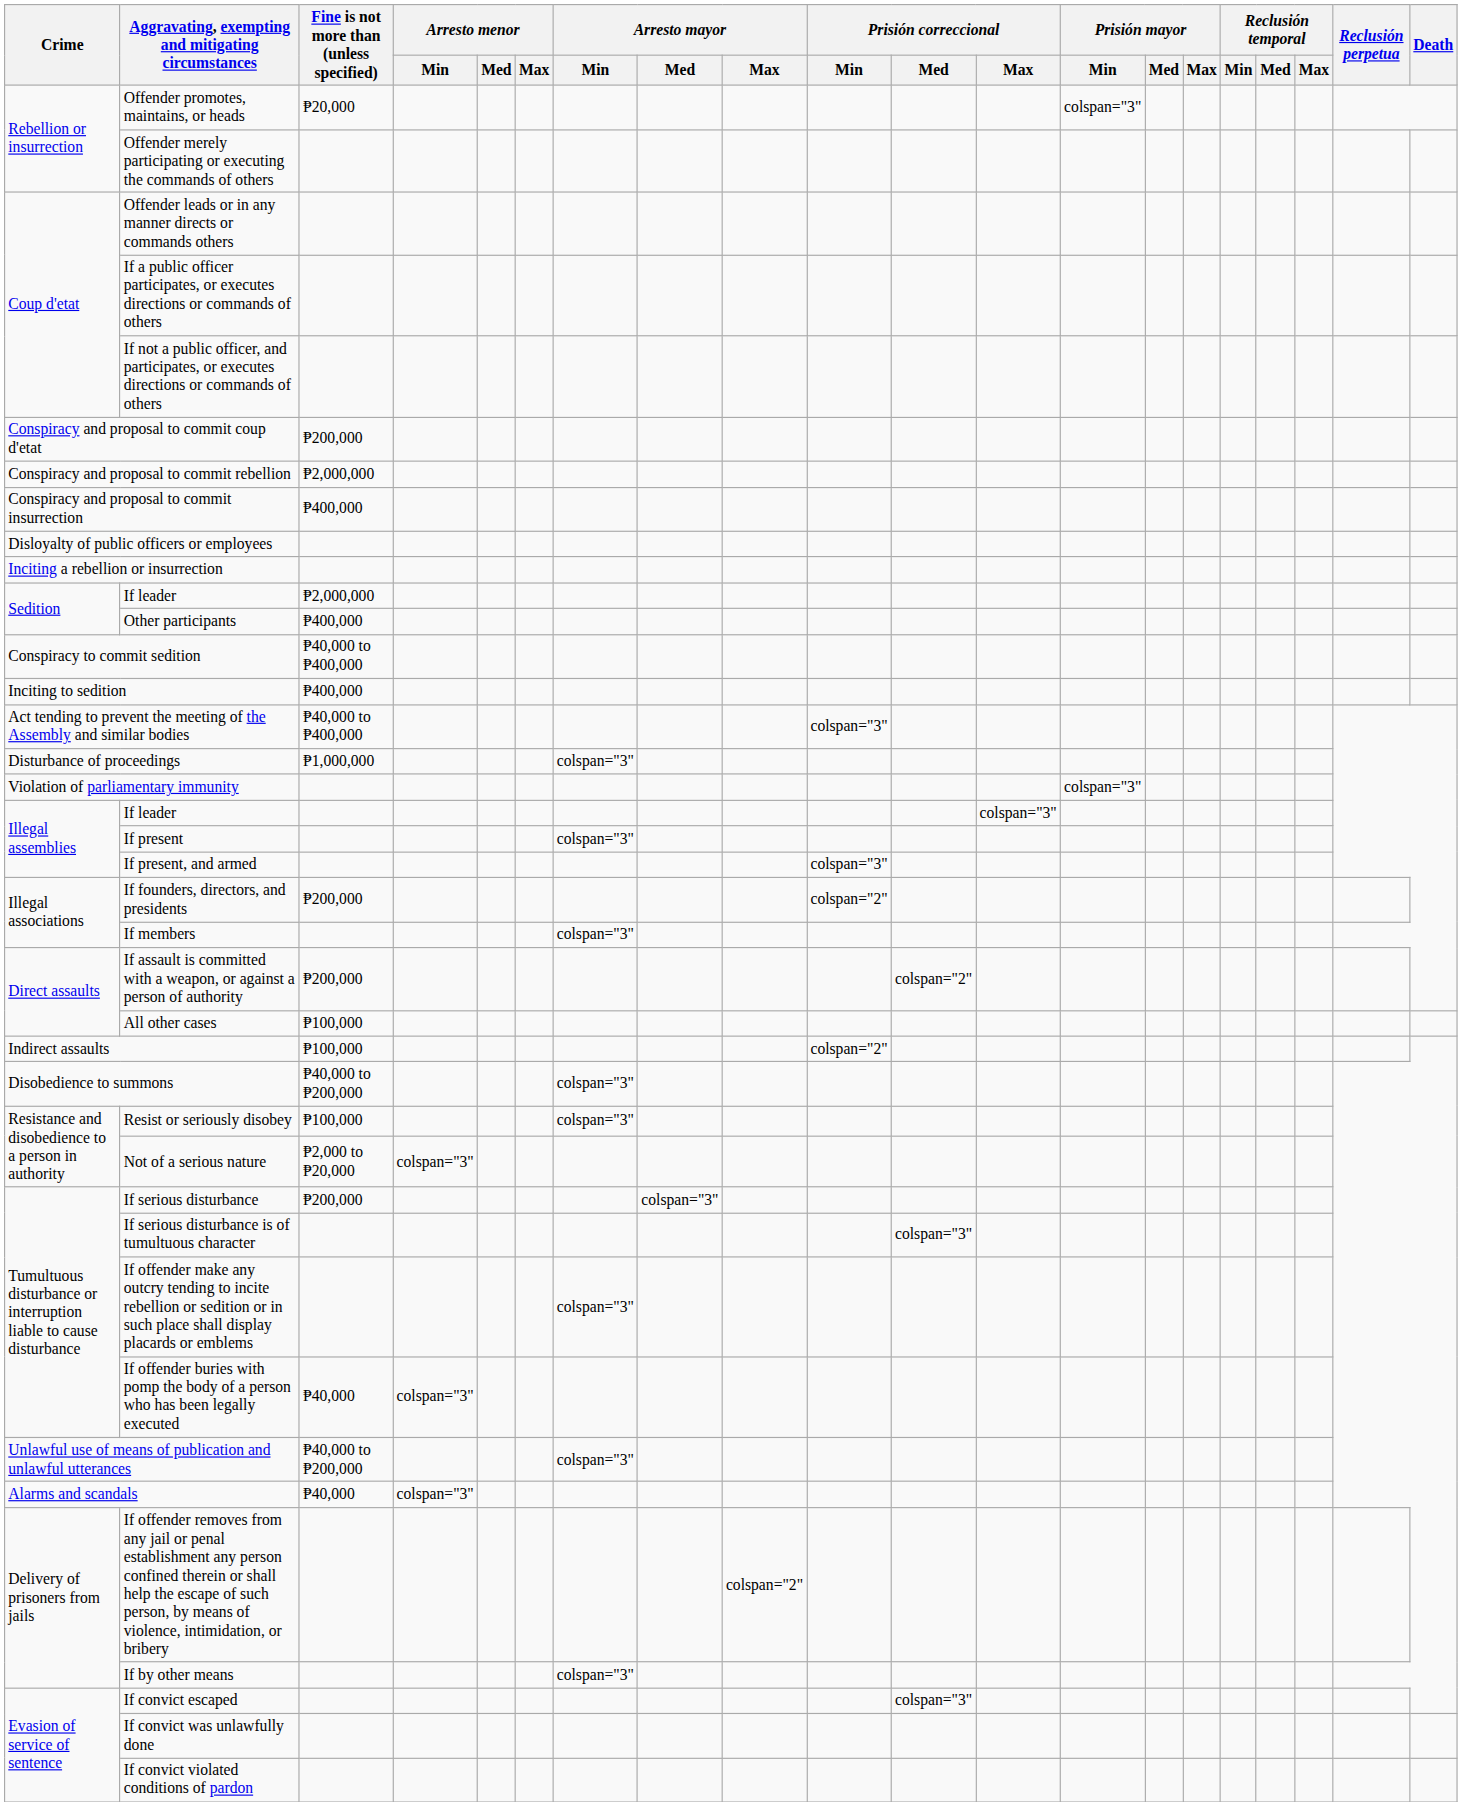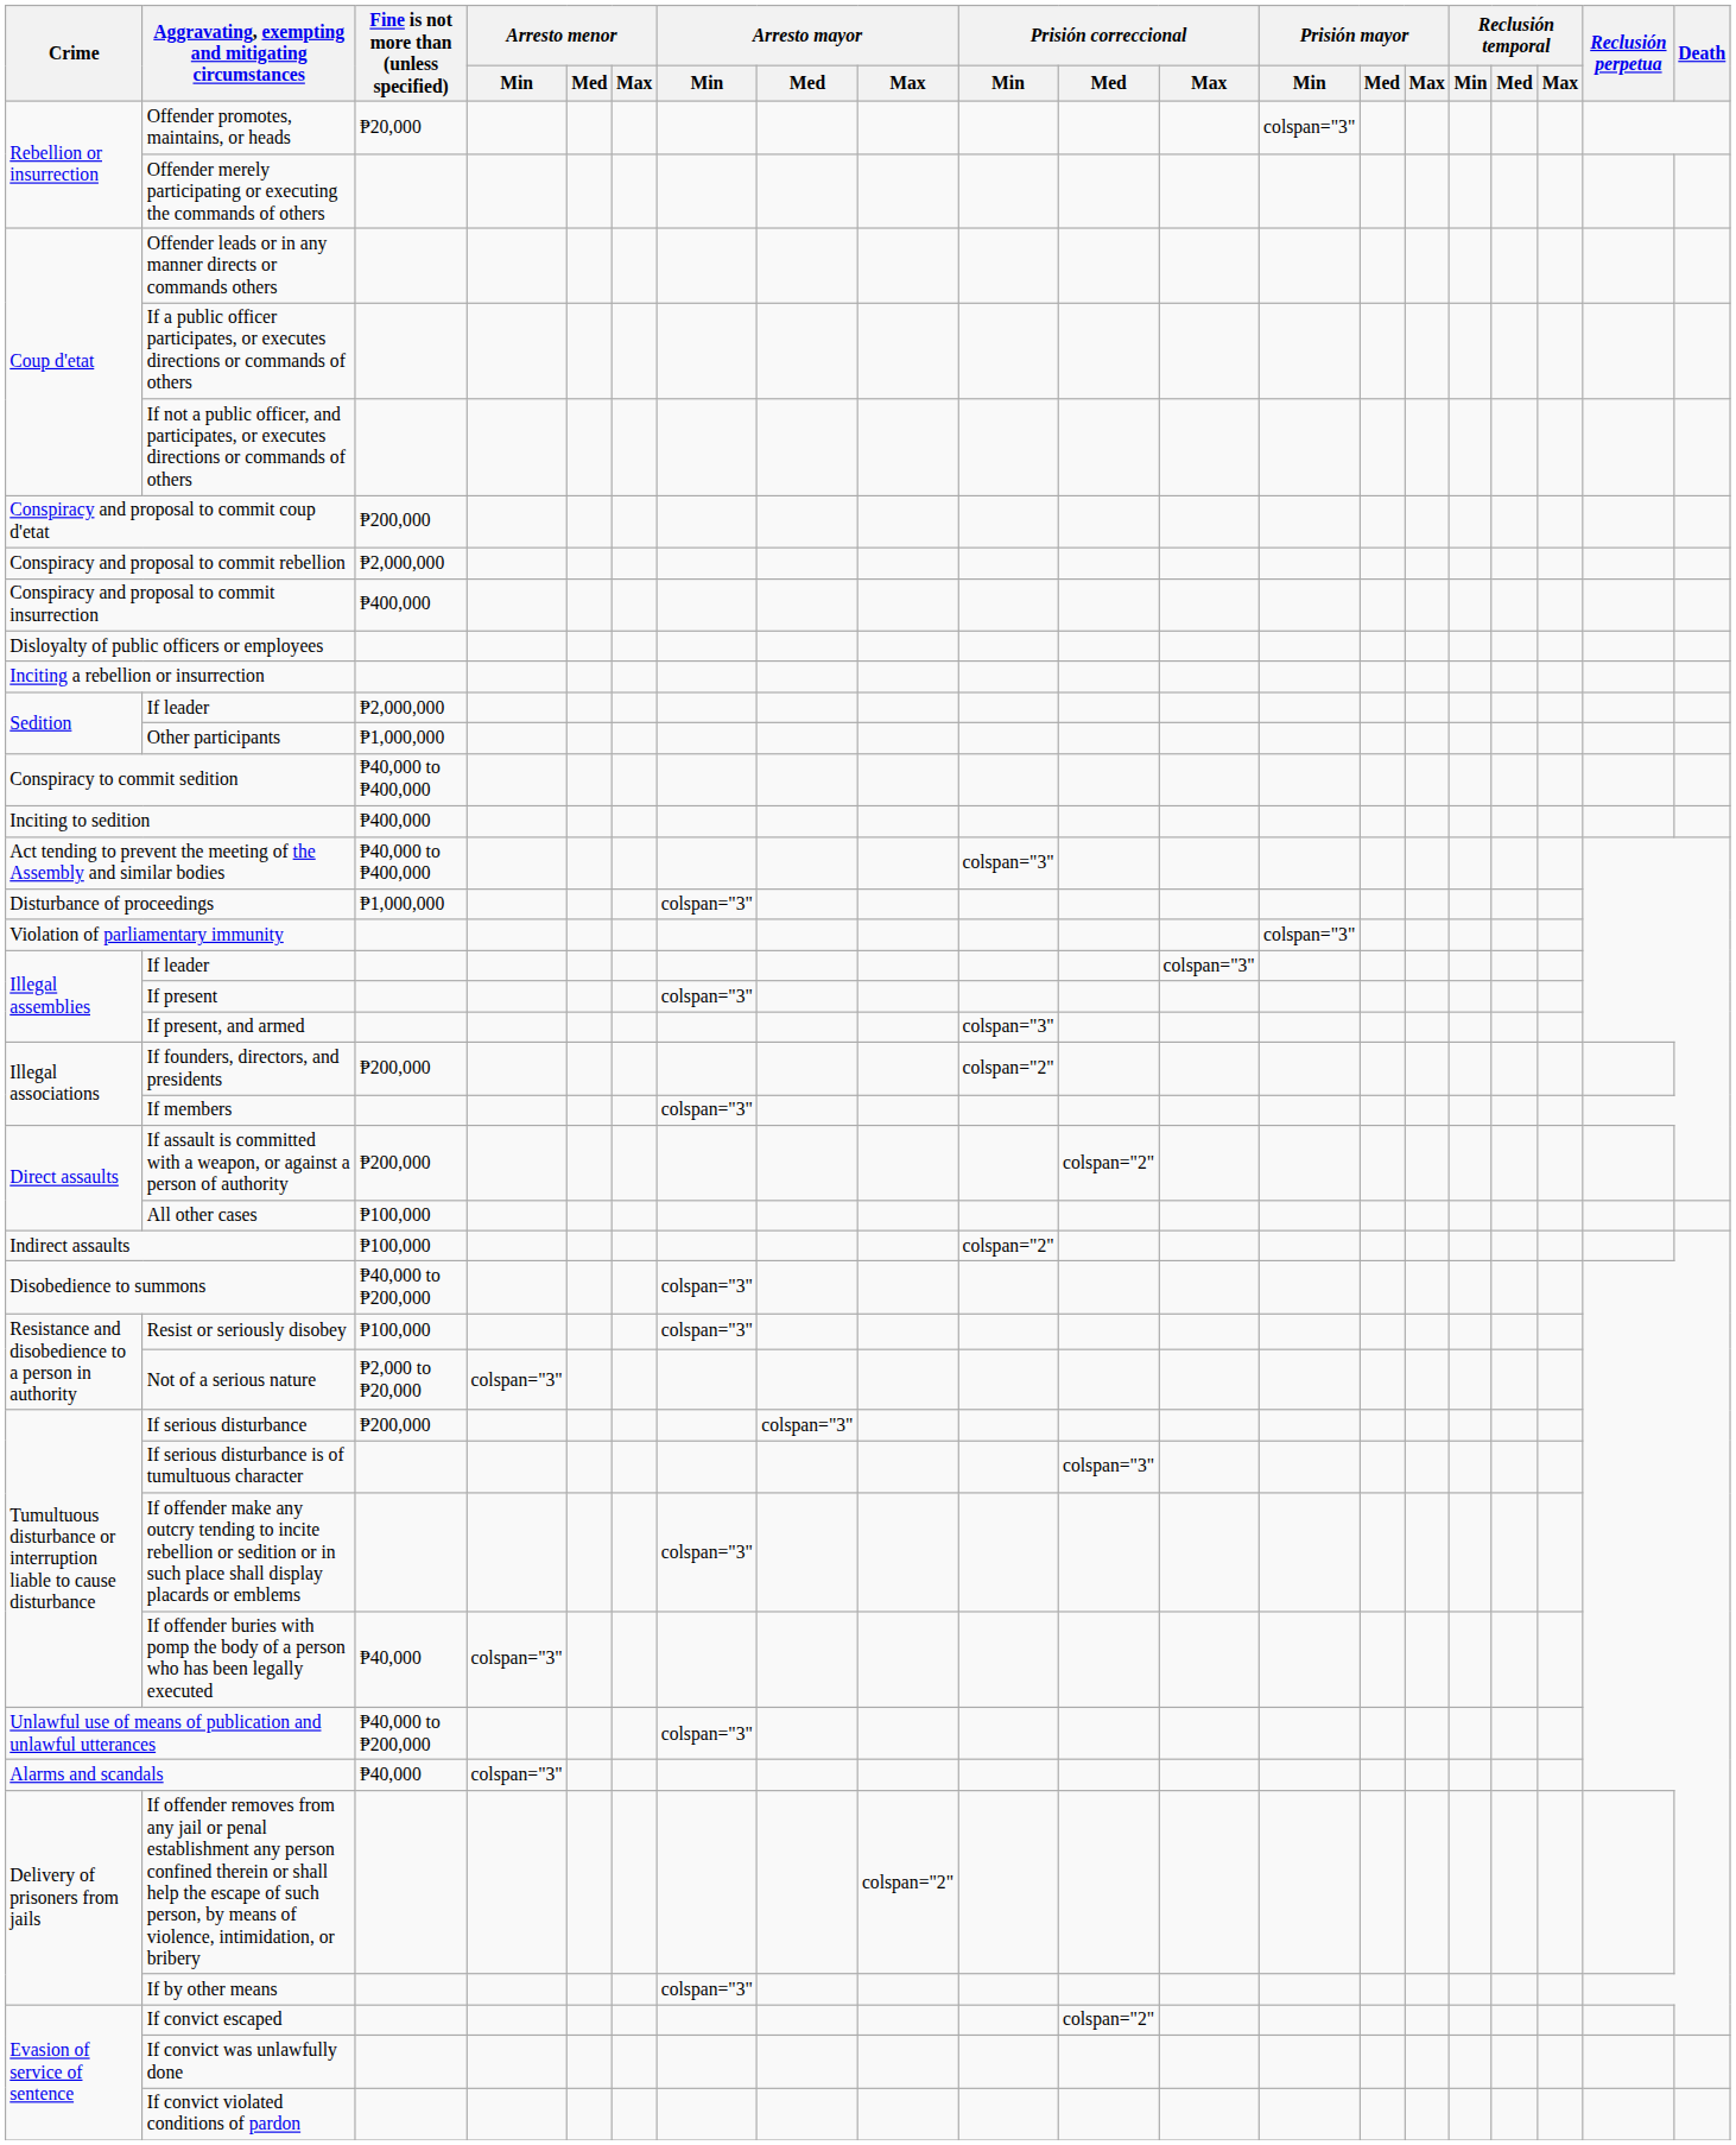 <table class="wikitable" style="font-size:85%;" width="100%">
 <tr>
 <th rowspan="2">Crime</th>
 <th rowspan="2"><a href='#'>Aggravating</a>, <a href='#'>exempting and mitigating circumstances</a></th>
 <th rowspan="2"><a href='#'>Fine</a> is not more than (unless specified)</th>
 <th colspan="3"><em>Arresto menor</em></th>
 <th colspan="3"><em>Arresto mayor</em></th>
 <th colspan="3"><em>Prisión correccional</em></th>
 <th colspan="3"><em>Prisión mayor</em></th>
 <th colspan="3"><em>Reclusión temporal</em></th>
 <th rowspan="2"><em><a href='#'>Reclusión perpetua</a></em></th>
 <th rowspan="2"><a href='#'>Death</a></th>
 </tr>
 <tr>
 <th>Min</th>
 <th>Med</th>
 <th>Max</th>
 <th>Min</th>
 <th>Med</th>
 <th>Max</th>
 <th>Min</th>
 <th>Med</th>
 <th>Max</th>
 <th>Min</th>
 <th>Med</th>
 <th>Max</th>
 <th>Min</th>
 <th>Med</th>
 <th>Max</th>
 </tr>
 <tr>
 <td rowspan="2"><a href='#'>Rebellion or insurrection</a></td>
 <td>Offender promotes, maintains, or heads</td>
 <td>₱20,000</td>
 <td></td>
 <td></td>
 <td></td>
 <td></td>
 <td></td>
 <td></td>
 <td></td>
 <td></td>
 <td></td>
 <td>colspan="3" </td>
 <td></td>
 <td></td>
 <td></td>
 <td></td>
 <td></td>
 </tr>
 <tr>
 <td>Offender merely participating or executing the commands of others</td>
 <td></td>
 <td></td>
 <td></td>
 <td></td>
 <td></td>
 <td></td>
 <td></td>
 <td></td>
 <td></td>
 <td></td>
 <td></td>
 <td></td>
 <td></td>
 <td></td>
 <td></td>
 <td></td>
 <td></td>
 <td></td>
 </tr>
 <tr>
 <td rowspan="3"><a href='#'>Coup d'etat</a></td>
 <td>Offender leads or in any manner directs or commands others</td>
 <td></td>
 <td></td>
 <td></td>
 <td></td>
 <td></td>
 <td></td>
 <td></td>
 <td></td>
 <td></td>
 <td></td>
 <td></td>
 <td></td>
 <td></td>
 <td></td>
 <td></td>
 <td></td>
 <td></td>
 <td></td>
 </tr>
 <tr>
 <td>If a public officer participates, or executes directions or commands of others</td>
 <td></td>
 <td></td>
 <td></td>
 <td></td>
 <td></td>
 <td></td>
 <td></td>
 <td></td>
 <td></td>
 <td></td>
 <td></td>
 <td></td>
 <td></td>
 <td></td>
 <td></td>
 <td></td>
 <td></td>
 <td></td>
 </tr>
 <tr>
 <td>If not a public officer, and participates, or executes directions or commands of others</td>
 <td></td>
 <td></td>
 <td></td>
 <td></td>
 <td></td>
 <td></td>
 <td></td>
 <td></td>
 <td></td>
 <td></td>
 <td></td>
 <td></td>
 <td></td>
 <td></td>
 <td></td>
 <td></td>
 <td></td>
 <td></td>
 </tr>
 <tr>
 <td colspan="2"><a href='#'>Conspiracy</a> and proposal to commit coup d'etat</td>
 <td>₱200,000</td>
 <td></td>
 <td></td>
 <td></td>
 <td></td>
 <td></td>
 <td></td>
 <td></td>
 <td></td>
 <td></td>
 <td></td>
 <td></td>
 <td></td>
 <td></td>
 <td></td>
 <td></td>
 <td></td>
 <td></td>
 </tr>
 <tr>
 <td colspan="2">Conspiracy and proposal to commit rebellion</td>
 <td>₱2,000,000</td>
 <td></td>
 <td></td>
 <td></td>
 <td></td>
 <td></td>
 <td></td>
 <td></td>
 <td></td>
 <td></td>
 <td></td>
 <td></td>
 <td></td>
 <td></td>
 <td></td>
 <td></td>
 <td></td>
 <td></td>
 </tr>
 <tr>
 <td colspan="2">Conspiracy and proposal to commit insurrection</td>
 <td>₱400,000</td>
 <td></td>
 <td></td>
 <td></td>
 <td></td>
 <td></td>
 <td></td>
 <td></td>
 <td></td>
 <td></td>
 <td></td>
 <td></td>
 <td></td>
 <td></td>
 <td></td>
 <td></td>
 <td></td>
 <td></td>
 </tr>
 <tr>
 <td colspan="2">Disloyalty of public officers or employees</td>
 <td></td>
 <td></td>
 <td></td>
 <td></td>
 <td></td>
 <td></td>
 <td></td>
 <td></td>
 <td></td>
 <td></td>
 <td></td>
 <td></td>
 <td></td>
 <td></td>
 <td></td>
 <td></td>
 <td></td>
 <td></td>
 </tr>
 <tr>
 <td colspan="2"><a href='#'>Inciting</a> a rebellion or insurrection</td>
 <td></td>
 <td></td>
 <td></td>
 <td></td>
 <td></td>
 <td></td>
 <td></td>
 <td></td>
 <td></td>
 <td></td>
 <td></td>
 <td></td>
 <td></td>
 <td></td>
 <td></td>
 <td></td>
 <td></td>
 <td></td>
 </tr>
 <tr>
 <td rowspan="2"><a href='#'>Sedition</a></td>
 <td>If leader</td>
 <td>₱2,000,000</td>
 <td></td>
 <td></td>
 <td></td>
 <td></td>
 <td></td>
 <td></td>
 <td></td>
 <td></td>
 <td></td>
 <td></td>
 <td></td>
 <td></td>
 <td></td>
 <td></td>
 <td></td>
 <td></td>
 <td></td>
 </tr>
 <tr>
 <td>Other participants</td>
-<td>₱400,000</td>
+<td>₱1,000,000</td>
 <td></td>
 <td></td>
 <td></td>
 <td></td>
 <td></td>
 <td></td>
 <td></td>
 <td></td>
 <td></td>
 <td></td>
 <td></td>
 <td></td>
 <td></td>
 <td></td>
 <td></td>
 <td></td>
 <td></td>
 </tr>
 <tr>
 <td colspan="2">Conspiracy to commit sedition</td>
 <td>₱40,000 to ₱400,000</td>
 <td></td>
 <td></td>
 <td></td>
 <td></td>
 <td></td>
 <td></td>
 <td></td>
 <td></td>
 <td></td>
 <td></td>
 <td></td>
 <td></td>
 <td></td>
 <td></td>
 <td></td>
 <td></td>
 <td></td>
 </tr>
 <tr>
 <td colspan="2">Inciting to sedition</td>
 <td>₱400,000</td>
 <td></td>
 <td></td>
 <td></td>
 <td></td>
 <td></td>
 <td></td>
 <td></td>
 <td></td>
 <td></td>
 <td></td>
 <td></td>
 <td></td>
 <td></td>
 <td></td>
 <td></td>
 <td></td>
 <td></td>
 </tr>
 <tr>
 <td colspan="2">Act tending to prevent the meeting of <a href='#'>the Assembly</a> and similar bodies</td>
 <td>₱40,000 to ₱400,000</td>
 <td></td>
 <td></td>
 <td></td>
 <td></td>
 <td></td>
 <td></td>
 <td>colspan="3" </td>
 <td></td>
 <td></td>
 <td></td>
 <td></td>
 <td></td>
 <td></td>
 <td></td>
 <td></td>
 </tr>
 <tr>
 <td colspan="2">Disturbance of proceedings</td>
 <td>₱1,000,000</td>
 <td></td>
 <td></td>
 <td></td>
 <td>colspan="3" </td>
 <td></td>
 <td></td>
 <td></td>
 <td></td>
 <td></td>
 <td></td>
 <td></td>
 <td></td>
 <td></td>
 <td></td>
 <td></td>
 </tr>
 <tr>
 <td colspan="2">Violation of <a href='#'>parliamentary immunity</a></td>
 <td></td>
 <td></td>
 <td></td>
 <td></td>
 <td></td>
 <td></td>
 <td></td>
 <td></td>
 <td></td>
 <td></td>
 <td>colspan="3" </td>
 <td></td>
 <td></td>
 <td></td>
 <td></td>
 <td></td>
 </tr>
 <tr>
 <td rowspan="3"><a href='#'>Illegal assemblies</a></td>
 <td>If leader</td>
 <td></td>
 <td></td>
 <td></td>
 <td></td>
 <td></td>
 <td></td>
 <td></td>
 <td></td>
 <td></td>
 <td>colspan="3" </td>
 <td></td>
 <td></td>
 <td></td>
 <td></td>
 <td></td>
 <td></td>
 </tr>
 <tr>
 <td>If present</td>
 <td></td>
 <td></td>
 <td></td>
 <td></td>
 <td>colspan="3" </td>
 <td></td>
 <td></td>
 <td></td>
 <td></td>
 <td></td>
 <td></td>
 <td></td>
 <td></td>
 <td></td>
 <td></td>
 <td></td>
 </tr>
 <tr>
 <td>If present, and armed</td>
 <td></td>
 <td></td>
 <td></td>
 <td></td>
 <td></td>
 <td></td>
 <td></td>
 <td>colspan="3" </td>
 <td></td>
 <td></td>
 <td></td>
 <td></td>
 <td></td>
 <td></td>
 <td></td>
 <td></td>
 </tr>
 <tr>
 <td rowspan="2">Illegal associations</td>
 <td>If founders, directors, and presidents</td>
 <td>₱200,000</td>
 <td></td>
 <td></td>
 <td></td>
 <td></td>
 <td></td>
 <td></td>
 <td>colspan="2" </td>
 <td></td>
 <td></td>
 <td></td>
 <td></td>
 <td></td>
 <td></td>
 <td></td>
 <td></td>
 <td></td>
 </tr>
 <tr>
 <td>If members</td>
 <td></td>
 <td></td>
 <td></td>
 <td></td>
 <td>colspan="3" </td>
 <td></td>
 <td></td>
 <td></td>
 <td></td>
 <td></td>
 <td></td>
 <td></td>
 <td></td>
 <td></td>
 <td></td>
 <td></td>
 </tr>
 <tr>
 <td rowspan="2"><a href='#'>Direct assaults</a></td>
 <td>If assault is committed with a weapon, or against a person of authority</td>
 <td>₱200,000</td>
 <td></td>
 <td></td>
 <td></td>
 <td></td>
 <td></td>
 <td></td>
 <td></td>
 <td>colspan="2" </td>
 <td></td>
 <td></td>
 <td></td>
 <td></td>
 <td></td>
 <td></td>
 <td></td>
 <td></td>
 </tr>
 <tr>
 <td>All other cases</td>
 <td>₱100,000</td>
 <td></td>
 <td></td>
 <td></td>
 <td></td>
 <td></td>
 <td></td>
 <td></td>
 <td></td>
 <td></td>
 <td></td>
 <td></td>
 <td></td>
 <td></td>
 <td></td>
 <td></td>
 <td></td>
 <td></td>
 </tr>
 <tr>
 <td colspan="2">Indirect assaults</td>
 <td>₱100,000</td>
 <td></td>
 <td></td>
 <td></td>
 <td></td>
 <td></td>
 <td></td>
 <td>colspan="2" </td>
 <td></td>
 <td></td>
 <td></td>
 <td></td>
 <td></td>
 <td></td>
 <td></td>
 <td></td>
 <td></td>
 </tr>
 <tr>
 <td colspan="2">Disobedience to summons</td>
 <td>₱40,000 to ₱200,000</td>
 <td></td>
 <td></td>
 <td></td>
 <td>colspan="3" </td>
 <td></td>
 <td></td>
 <td></td>
 <td></td>
 <td></td>
 <td></td>
 <td></td>
 <td></td>
 <td></td>
 <td></td>
 <td></td>
 </tr>
 <tr>
 <td rowspan="2">Resistance and disobedience to a person in authority</td>
 <td>Resist or seriously disobey</td>
 <td>₱100,000</td>
 <td></td>
 <td></td>
 <td></td>
 <td>colspan="3" </td>
 <td></td>
 <td></td>
 <td></td>
 <td></td>
 <td></td>
 <td></td>
 <td></td>
 <td></td>
 <td></td>
 <td></td>
 <td></td>
 </tr>
 <tr>
 <td>Not of a serious nature</td>
 <td>₱2,000 to ₱20,000</td>
 <td>colspan="3" </td>
 <td></td>
 <td></td>
 <td></td>
 <td></td>
 <td></td>
 <td></td>
 <td></td>
 <td></td>
 <td></td>
 <td></td>
 <td></td>
 <td></td>
 <td></td>
 <td></td>
 </tr>
 <tr>
 <td rowspan="4">Tumultuous disturbance or interruption liable to cause disturbance</td>
 <td>If serious disturbance</td>
 <td>₱200,000</td>
 <td></td>
 <td></td>
 <td></td>
 <td></td>
 <td>colspan="3" </td>
 <td></td>
 <td></td>
 <td></td>
 <td></td>
 <td></td>
 <td></td>
 <td></td>
 <td></td>
 <td></td>
 <td></td>
 </tr>
 <tr>
 <td>If serious disturbance is of tumultuous character</td>
 <td></td>
 <td></td>
 <td></td>
 <td></td>
 <td></td>
 <td></td>
 <td></td>
 <td></td>
 <td>colspan="3" </td>
 <td></td>
 <td></td>
 <td></td>
 <td></td>
 <td></td>
 <td></td>
 <td></td>
 </tr>
 <tr>
 <td>If offender make any outcry tending to incite rebellion or sedition or in such place shall display placards or emblems</td>
 <td></td>
 <td></td>
 <td></td>
 <td></td>
 <td>colspan="3" </td>
 <td></td>
 <td></td>
 <td></td>
 <td></td>
 <td></td>
 <td></td>
 <td></td>
 <td></td>
 <td></td>
 <td></td>
 <td></td>
 </tr>
 <tr>
 <td>If offender buries with pomp the body of a person who has been legally executed</td>
 <td>₱40,000</td>
 <td>colspan="3" </td>
 <td></td>
 <td></td>
 <td></td>
 <td></td>
 <td></td>
 <td></td>
 <td></td>
 <td></td>
 <td></td>
 <td></td>
 <td></td>
 <td></td>
 <td></td>
 <td></td>
 </tr>
 <tr>
 <td colspan="2"><a href='#'>Unlawful use of means of publication and unlawful utterances</a></td>
 <td>₱40,000 to ₱200,000</td>
 <td></td>
 <td></td>
 <td></td>
 <td>colspan="3" </td>
 <td></td>
 <td></td>
 <td></td>
 <td></td>
 <td></td>
 <td></td>
 <td></td>
 <td></td>
 <td></td>
 <td></td>
 <td></td>
 </tr>
 <tr>
 <td colspan="2"><a href='#'>Alarms and scandals</a></td>
 <td>₱40,000</td>
 <td>colspan="3" </td>
 <td></td>
 <td></td>
 <td></td>
 <td></td>
 <td></td>
 <td></td>
 <td></td>
 <td></td>
 <td></td>
 <td></td>
 <td></td>
 <td></td>
 <td></td>
 <td></td>
 </tr>
 <tr>
 <td rowspan="2">Delivery of prisoners from jails</td>
 <td>If offender removes from any jail or penal establishment any person confined therein or shall help the escape of such person, by means of violence, intimidation, or bribery</td>
 <td></td>
 <td></td>
 <td></td>
 <td></td>
 <td></td>
 <td></td>
 <td>colspan="2" </td>
 <td></td>
 <td></td>
 <td></td>
 <td></td>
 <td></td>
 <td></td>
 <td></td>
 <td></td>
 <td></td>
 <td></td>
 </tr>
 <tr>
 <td>If by other means</td>
 <td></td>
 <td></td>
 <td></td>
 <td></td>
 <td>colspan="3" </td>
 <td></td>
 <td></td>
 <td></td>
 <td></td>
 <td></td>
 <td></td>
 <td></td>
 <td></td>
 <td></td>
 <td></td>
 <td></td>
 </tr>
 <tr>
 <td rowspan="3"><a href='#'>Evasion of service of sentence</a></td>
 <td>If convict escaped</td>
 <td></td>
 <td></td>
 <td></td>
 <td></td>
 <td></td>
 <td></td>
 <td></td>
 <td></td>
-<td>colspan="3" </td>
+<td>colspan="2" </td>
 <td></td>
 <td></td>
 <td></td>
 <td></td>
 <td></td>
 <td></td>
 <td></td>
 <td></td>
 </tr>
 <tr>
 <td>If convict was unlawfully done</td>
 <td></td>
 <td></td>
 <td></td>
 <td></td>
 <td></td>
 <td></td>
 <td></td>
 <td></td>
 <td></td>
 <td></td>
 <td></td>
 <td></td>
 <td></td>
 <td></td>
 <td></td>
 <td></td>
 <td></td>
 <td></td>
 </tr>
 <tr>
 <td>If convict violated conditions of <a href='#'>pardon</a></td>
 <td></td>
 <td></td>
 <td></td>
 <td></td>
 <td></td>
 <td></td>
 <td></td>
 <td></td>
 <td></td>
 <td></td>
 <td></td>
 <td></td>
 <td></td>
 <td></td>
 <td></td>
 <td></td>
 <td></td>
 <td></td>
 </tr>
 </table>
